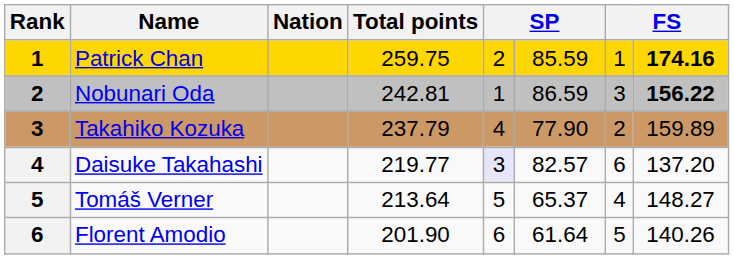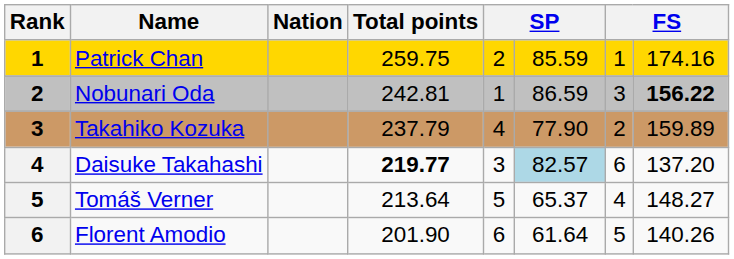 <table class="wikitable sortable">
 <tr>
 <th>Rank</th>
 <th>Name</th>
 <th>Nation</th>
 <th>Total points</th>
 <th colspan="2" width="80px"><a href='#'>SP</a></th>
 <th colspan="2" width="80px"><a href='#'>FS</a></th>
 </tr>
 <tr bgcolor="gold">
 <td align="center"><strong>1</strong></td>
 <td><a href='#'>Patrick Chan</a></td>
 <td></td>
 <td align="center">259.75</td>
 <td align="center">2</td>
 <td align="center">85.59</td>
 <td align="center">1</td>
-<td align="center"><strong>174.16</strong></td>
+<td align="center">174.16</td>
 </tr>
 <tr bgcolor="silver">
 <td align="center"><strong>2</strong></td>
 <td><a href='#'>Nobunari Oda</a></td>
 <td></td>
 <td align="center">242.81</td>
 <td align="center">1</td>
 <td align="center">86.59</td>
 <td align="center">3</td>
 <td align="center"><strong>156.22</strong></td>
 </tr>
 <tr bgcolor="cc9966">
 <td align="center"><strong>3</strong></td>
 <td><a href='#'>Takahiko Kozuka</a></td>
 <td></td>
 <td align="center">237.79</td>
 <td align="center">4</td>
 <td align="center">77.90</td>
 <td align="center">2</td>
 <td align="center">159.89</td>
 </tr>
 <tr>
 <th>4</th>
 <td><a href='#'>Daisuke Takahashi</a></td>
 <td></td>
-<td align="center">219.77</td>
-<td align="center" style="background: lavender;">3</td>
-<td align="center">82.57</td>
+<td align="center"><strong>219.77</strong></td>
+<td align="center">3</td>
+<td align="center" style="background: lightblue;">82.57</td>
 <td align="center">6</td>
 <td align="center">137.20</td>
 </tr>
 <tr>
 <th>5</th>
 <td><a href='#'>Tomáš Verner</a></td>
 <td></td>
 <td align="center">213.64</td>
 <td align="center">5</td>
 <td align="center">65.37</td>
 <td align="center">4</td>
 <td align="center">148.27</td>
 </tr>
 <tr>
 <th>6</th>
 <td><a href='#'>Florent Amodio</a></td>
 <td></td>
 <td align="center">201.90</td>
 <td align="center">6</td>
 <td align="center">61.64</td>
 <td align="center">5</td>
 <td align="center">140.26</td>
 </tr>
 </table>
